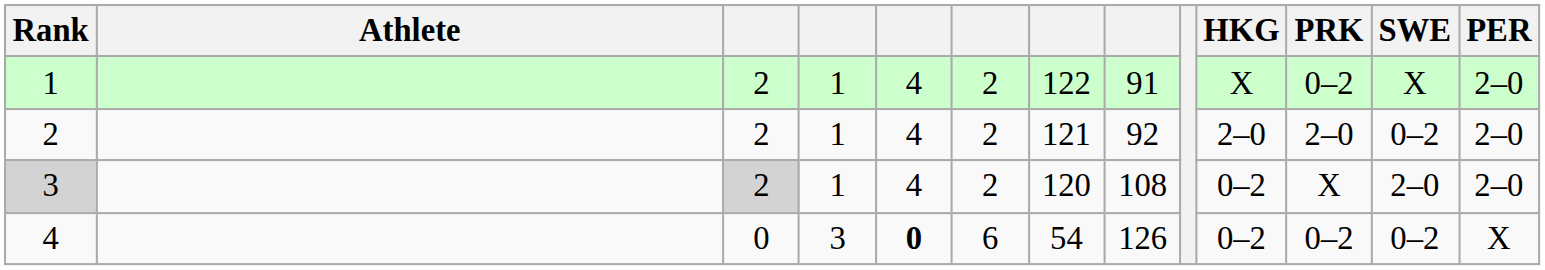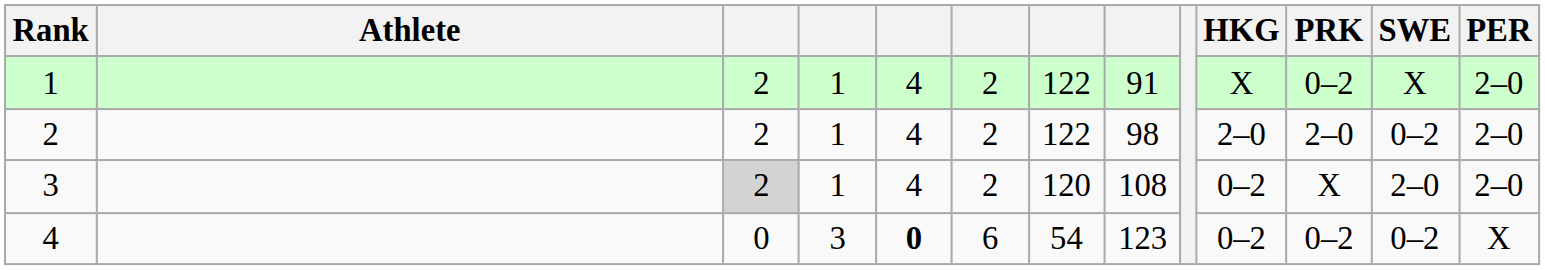 <table class="wikitable" style="text-align:center">
 <tr>
 <th>Rank</th>
 <th width=300>Athlete</th>
 <th width=30></th>
 <th width=30></th>
 <th width=30></th>
 <th width=30></th>
 <th width=30></th>
 <th width=30></th>
 <th rowspan=5></th>
 <th width=30>HKG</th>
 <th width=30>PRK</th>
 <th width=30>SWE</th>
 <th width=30>PER</th>
 </tr>
 <tr style="background-color:#ccffcc;">
 <td>1</td>
 <td align=left></td>
 <td>2</td>
 <td>1</td>
 <td>4</td>
 <td>2</td>
 <td>122</td>
 <td>91</td>
 <td>X</td>
 <td>0–2</td>
 <td>X</td>
 <td>2–0</td>
 </tr>
 <tr>
 <td>2</td>
 <td align=left></td>
 <td>2</td>
 <td>1</td>
 <td>4</td>
 <td>2</td>
-<td>121</td>
-<td>92</td>
+<td>122</td>
+<td>98</td>
 <td>2–0</td>
 <td>2–0</td>
 <td>0–2</td>
 <td>2–0</td>
 </tr>
 <tr>
-<td style="background: lightgrey;">3</td>
+<td>3</td>
 <td align=left></td>
 <td style="background: lightgrey;">2</td>
 <td>1</td>
 <td>4</td>
 <td>2</td>
 <td>120</td>
 <td>108</td>
 <td>0–2</td>
 <td>X</td>
 <td>2–0</td>
 <td>2–0</td>
 </tr>
 <tr>
 <td>4</td>
 <td align=left></td>
 <td>0</td>
 <td>3</td>
 <td><strong>0</strong></td>
 <td>6</td>
 <td>54</td>
-<td>126</td>
+<td>123</td>
 <td>0–2</td>
 <td>0–2</td>
 <td>0–2</td>
 <td>X</td>
 </tr>
 </table>
